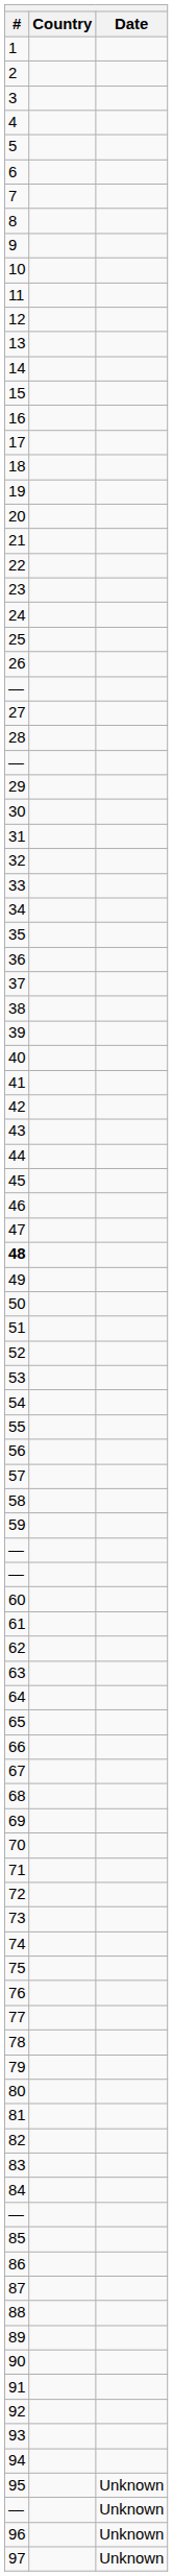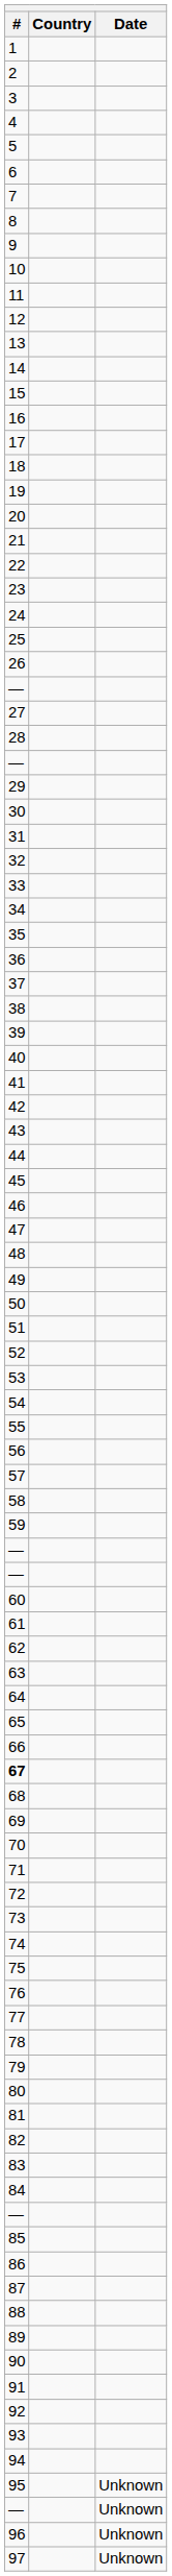 <table class="wikitable sortable">
 <tr>
 <th colspan="3"></th>
 </tr>
 <tr>
 <th>#</th>
 <th>Country</th>
 <th>Date</th>
 </tr>
 <tr>
 <td>1</td>
 <td></td>
 <td></td>
 </tr>
 <tr>
 <td>2</td>
 <td></td>
 <td></td>
 </tr>
 <tr>
 <td>3</td>
 <td></td>
 <td></td>
 </tr>
 <tr>
 <td>4</td>
 <td></td>
 <td></td>
 </tr>
 <tr>
 <td>5</td>
 <td></td>
 <td></td>
 </tr>
 <tr>
 <td>6</td>
 <td></td>
 <td></td>
 </tr>
 <tr>
 <td>7</td>
 <td></td>
 <td></td>
 </tr>
 <tr>
 <td>8</td>
 <td></td>
 <td></td>
 </tr>
 <tr>
 <td>9</td>
 <td></td>
 <td></td>
 </tr>
 <tr>
 <td>10</td>
 <td></td>
 <td></td>
 </tr>
 <tr>
 <td>11</td>
 <td></td>
 <td></td>
 </tr>
 <tr>
 <td>12</td>
 <td></td>
 <td></td>
 </tr>
 <tr>
 <td>13</td>
 <td></td>
 <td></td>
 </tr>
 <tr>
 <td>14</td>
 <td></td>
 <td></td>
 </tr>
 <tr>
 <td>15</td>
 <td></td>
 <td></td>
 </tr>
 <tr>
 <td>16</td>
 <td></td>
 <td></td>
 </tr>
 <tr>
 <td>17</td>
 <td></td>
 <td></td>
 </tr>
 <tr>
 <td>18</td>
 <td></td>
 <td></td>
 </tr>
 <tr>
 <td>19</td>
 <td></td>
 <td></td>
 </tr>
 <tr>
 <td>20</td>
 <td></td>
 <td></td>
 </tr>
 <tr>
 <td>21</td>
 <td></td>
 <td></td>
 </tr>
 <tr>
 <td>22</td>
 <td></td>
 <td></td>
 </tr>
 <tr>
 <td>23</td>
 <td></td>
 <td></td>
 </tr>
 <tr>
 <td>24</td>
 <td></td>
 <td></td>
 </tr>
 <tr>
 <td>25</td>
 <td></td>
 <td></td>
 </tr>
 <tr>
 <td>26</td>
 <td></td>
 <td></td>
 </tr>
 <tr>
 <td>—</td>
 <td></td>
 <td></td>
 </tr>
 <tr>
 <td>27</td>
 <td></td>
 <td></td>
 </tr>
 <tr>
 <td>28</td>
 <td></td>
 <td></td>
 </tr>
 <tr>
 <td>—</td>
 <td></td>
 <td></td>
 </tr>
 <tr>
 <td>29</td>
 <td></td>
 <td></td>
 </tr>
 <tr>
 <td>30</td>
 <td></td>
 <td></td>
 </tr>
 <tr>
 <td>31</td>
 <td></td>
 <td></td>
 </tr>
 <tr>
 <td>32</td>
 <td></td>
 <td></td>
 </tr>
 <tr>
 <td>33</td>
 <td></td>
 <td></td>
 </tr>
 <tr>
 <td>34</td>
 <td></td>
 <td></td>
 </tr>
 <tr>
 <td>35</td>
 <td></td>
 <td></td>
 </tr>
 <tr>
 <td>36</td>
 <td></td>
 <td></td>
 </tr>
 <tr>
 <td>37</td>
 <td></td>
 <td></td>
 </tr>
 <tr>
 <td>38</td>
 <td></td>
 <td></td>
 </tr>
 <tr>
 <td>39</td>
 <td></td>
 <td></td>
 </tr>
 <tr>
 <td>40</td>
 <td></td>
 <td></td>
 </tr>
 <tr>
 <td>41</td>
 <td></td>
 <td></td>
 </tr>
 <tr>
 <td>42</td>
 <td></td>
 <td></td>
 </tr>
 <tr>
 <td>43</td>
 <td></td>
 <td></td>
 </tr>
 <tr>
 <td>44</td>
 <td></td>
 <td></td>
 </tr>
 <tr>
 <td>45</td>
 <td></td>
 <td></td>
 </tr>
 <tr>
 <td>46</td>
 <td></td>
 <td></td>
 </tr>
 <tr>
 <td>47</td>
 <td></td>
 <td></td>
 </tr>
 <tr>
-<td><strong>48</strong></td>
+<td>48</td>
 <td></td>
 <td></td>
 </tr>
 <tr>
 <td>49</td>
 <td></td>
 <td></td>
 </tr>
 <tr>
 <td>50</td>
 <td></td>
 <td></td>
 </tr>
 <tr>
 <td>51</td>
 <td></td>
 <td></td>
 </tr>
 <tr>
 <td>52</td>
 <td></td>
 <td></td>
 </tr>
 <tr>
 <td>53</td>
 <td></td>
 <td></td>
 </tr>
 <tr>
 <td>54</td>
 <td></td>
 <td></td>
 </tr>
 <tr>
 <td>55</td>
 <td></td>
 <td></td>
 </tr>
 <tr>
 <td>56</td>
 <td></td>
 <td></td>
 </tr>
 <tr>
 <td>57</td>
 <td></td>
 <td></td>
 </tr>
 <tr>
 <td>58</td>
 <td></td>
 <td></td>
 </tr>
 <tr>
 <td>59</td>
 <td></td>
 <td></td>
 </tr>
 <tr>
 <td>—</td>
 <td></td>
 <td></td>
 </tr>
 <tr>
 <td>—</td>
 <td></td>
 <td></td>
 </tr>
 <tr>
 <td>60</td>
 <td></td>
 <td></td>
 </tr>
 <tr>
 <td>61</td>
 <td></td>
 <td></td>
 </tr>
 <tr>
 <td>62</td>
 <td></td>
 <td></td>
 </tr>
 <tr>
 <td>63</td>
 <td></td>
 <td></td>
 </tr>
 <tr>
 <td>64</td>
 <td></td>
 <td></td>
 </tr>
 <tr>
 <td>65</td>
 <td></td>
 <td></td>
 </tr>
 <tr>
 <td>66</td>
 <td></td>
 <td></td>
 </tr>
 <tr>
-<td>67</td>
+<td><strong>67</strong></td>
 <td></td>
 <td></td>
 </tr>
 <tr>
 <td>68</td>
 <td></td>
 <td></td>
 </tr>
 <tr>
 <td>69</td>
 <td></td>
 <td></td>
 </tr>
 <tr>
 <td>70</td>
 <td></td>
 <td></td>
 </tr>
 <tr>
 <td>71</td>
 <td></td>
 <td></td>
 </tr>
 <tr>
 <td>72</td>
 <td></td>
 <td></td>
 </tr>
 <tr>
 <td>73</td>
 <td></td>
 <td></td>
 </tr>
 <tr>
 <td>74</td>
 <td></td>
 <td></td>
 </tr>
 <tr>
 <td>75</td>
 <td></td>
 <td></td>
 </tr>
 <tr>
 <td>76</td>
 <td></td>
 <td></td>
 </tr>
 <tr>
 <td>77</td>
 <td></td>
 <td></td>
 </tr>
 <tr>
 <td>78</td>
 <td></td>
 <td></td>
 </tr>
 <tr>
 <td>79</td>
 <td></td>
 <td></td>
 </tr>
 <tr>
 <td>80</td>
 <td></td>
 <td></td>
 </tr>
 <tr>
 <td>81</td>
 <td></td>
 <td></td>
 </tr>
 <tr>
 <td>82</td>
 <td></td>
 <td></td>
 </tr>
 <tr>
 <td>83</td>
 <td></td>
 <td></td>
 </tr>
 <tr>
 <td>84</td>
 <td></td>
 <td></td>
 </tr>
 <tr>
 <td>—</td>
 <td></td>
 <td></td>
 </tr>
 <tr>
 <td>85</td>
 <td></td>
 <td></td>
 </tr>
 <tr>
 <td>86</td>
 <td></td>
 <td></td>
 </tr>
 <tr>
 <td>87</td>
 <td></td>
 <td></td>
 </tr>
 <tr>
 <td>88</td>
 <td></td>
 <td></td>
 </tr>
 <tr>
 <td>89</td>
 <td></td>
 <td></td>
 </tr>
 <tr>
 <td>90</td>
 <td></td>
 <td></td>
 </tr>
 <tr>
 <td>91</td>
 <td></td>
 <td></td>
 </tr>
 <tr>
 <td>92</td>
 <td></td>
 <td></td>
 </tr>
 <tr>
 <td>93</td>
 <td></td>
 <td></td>
 </tr>
 <tr>
 <td>94</td>
 <td></td>
 <td></td>
 </tr>
 <tr>
 <td>95</td>
 <td></td>
 <td>Unknown</td>
 </tr>
 <tr>
 <td>—</td>
 <td></td>
 <td>Unknown</td>
 </tr>
 <tr>
 <td>96</td>
 <td></td>
 <td>Unknown</td>
 </tr>
 <tr>
 <td>97</td>
 <td></td>
 <td>Unknown</td>
 </tr>
 </table>
